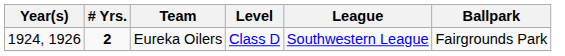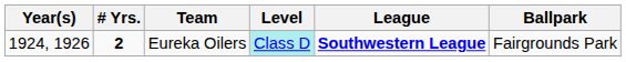 <table class="wikitable" style="text-align:center; font-size: 95%;">
 <tr>
 <th>Year(s)</th>
 <th># Yrs.</th>
 <th>Team</th>
 <th>Level</th>
 <th>League</th>
 <th>Ballpark</th>
 </tr>
 <tr>
 <td>1924, 1926</td>
 <td><strong>2</strong></td>
 <td>Eureka Oilers</td>
-<td><a href='#'>Class D</a></td>
-<td><a href='#'>Southwestern League</a></td>
+<td style="background: paleturquoise;"><a href='#'>Class D</a></td>
+<td><strong><a href='#'>Southwestern League</a></strong></td>
 <td>Fairgrounds Park</td>
 </tr>
 <tr>
 </tr>
 </table>
